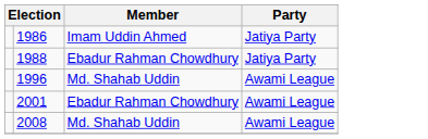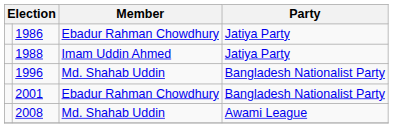 <table class="wikitable">
 <tr>
 <th colspan="2">Election</th>
 <th>Member</th>
 <th>Party</th>
 </tr>
 <tr>
 <td style="background-color:"></td>
 <td><a href='#'>1986</a></td>
-<td><a href='#'>Imam Uddin Ahmed</a></td>
+<td><a href='#'>Ebadur Rahman Chowdhury</a></td>
 <td><a href='#'>Jatiya Party</a></td>
 </tr>
 <tr>
 <td style="background-color:"></td>
 <td><a href='#'>1988</a></td>
-<td><a href='#'>Ebadur Rahman Chowdhury</a></td>
+<td><a href='#'>Imam Uddin Ahmed</a></td>
 <td><a href='#'>Jatiya Party</a></td>
 </tr>
 <tr>
 <td style="background-color:"></td>
 <td><a href='#'>1996</a></td>
 <td><a href='#'>Md. Shahab Uddin</a></td>
-<td><a href='#'>Awami League</a></td>
+<td><a href='#'>Bangladesh Nationalist Party</a></td>
 </tr>
 <tr>
 <td style="background-color:"></td>
 <td><a href='#'>2001</a></td>
 <td><a href='#'>Ebadur Rahman Chowdhury</a></td>
-<td><a href='#'>Awami League</a></td>
+<td><a href='#'>Bangladesh Nationalist Party</a></td>
 </tr>
 <tr>
 <td style="background-color:"></td>
 <td><a href='#'>2008</a></td>
 <td><a href='#'>Md. Shahab Uddin</a></td>
 <td><a href='#'>Awami League</a></td>
 </tr>
 <tr>
 </tr>
 </table>
